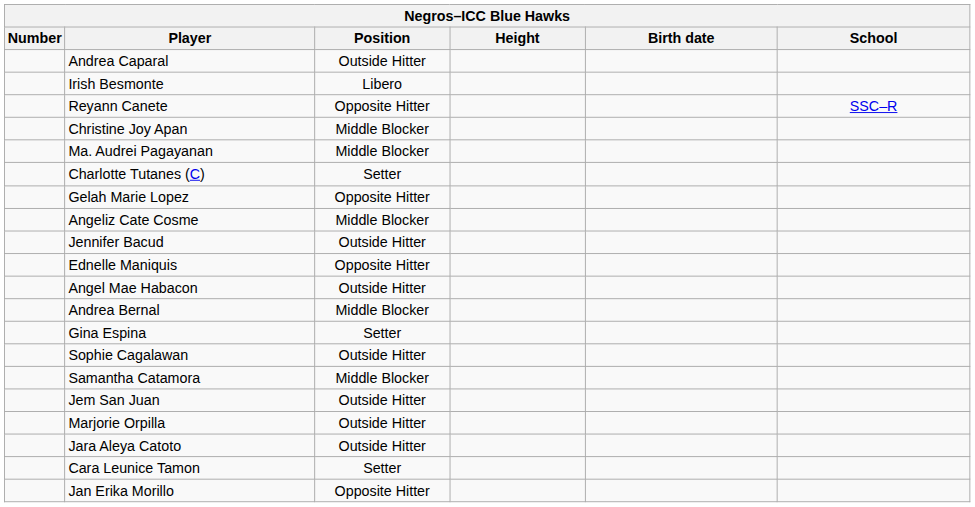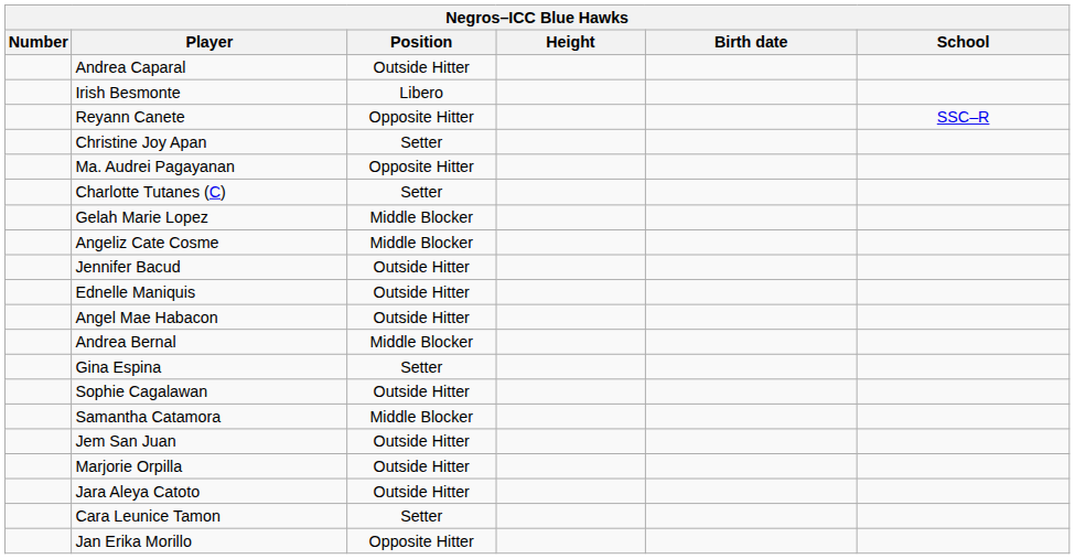 <table class="wikitable sortable" style="font-size:95%; text-align:left;">
 <tr>
 <th colspan="6"><strong>Negros–ICC Blue Hawks</strong></th>
 </tr>
 <tr style="background:#FFFFFF;">
 <th style= "align=center; width:1em;">Number</th>
 <th style= "align=center;width:17em;">Player</th>
 <th style= "align=center; width:9em;">Position</th>
 <th style= "align=center; width:9em;">Height</th>
 <th style= "align=center; width:13em;">Birth date</th>
 <th style= "align=center; width:13em;">School</th>
 </tr>
 <tr align=center>
 <td></td>
 <td align=left> Andrea Caparal</td>
 <td>Outside Hitter</td>
 <td></td>
 <td></td>
 <td></td>
 </tr>
 <tr align=center>
 <td></td>
 <td align=left> Irish Besmonte</td>
 <td>Libero</td>
 <td></td>
 <td></td>
 <td></td>
 </tr>
 <tr align=center>
 <td></td>
 <td align=left> Reyann Canete</td>
 <td>Opposite Hitter</td>
 <td></td>
 <td></td>
 <td><a href='#'>SSC–R</a></td>
 </tr>
 <tr align=center>
 <td></td>
 <td align=left> Christine Joy Apan</td>
-<td>Middle Blocker</td>
+<td>Setter</td>
 <td></td>
 <td></td>
 <td></td>
 </tr>
 <tr align=center>
 <td></td>
 <td align=left> Ma. Audrei Pagayanan</td>
-<td>Middle Blocker</td>
+<td>Opposite Hitter</td>
 <td></td>
 <td></td>
 <td></td>
 </tr>
 <tr align=center>
 <td></td>
 <td align=left> Charlotte Tutanes (<a href='#'>C</a>)</td>
 <td>Setter</td>
 <td></td>
 <td></td>
 <td></td>
 </tr>
 <tr align=center>
 <td></td>
 <td align=left> Gelah Marie Lopez</td>
-<td>Opposite Hitter</td>
+<td>Middle Blocker</td>
 <td></td>
 <td></td>
 <td></td>
 </tr>
 <tr align=center>
 <td></td>
 <td align=left> Angeliz Cate Cosme</td>
 <td>Middle Blocker</td>
 <td></td>
 <td></td>
 <td></td>
 </tr>
 <tr align=center>
 <td></td>
 <td align=left> Jennifer Bacud</td>
 <td>Outside Hitter</td>
 <td></td>
 <td></td>
 <td></td>
 </tr>
 <tr align=center>
 <td></td>
 <td align=left> Ednelle Maniquis</td>
-<td>Opposite Hitter</td>
+<td>Outside Hitter</td>
 <td></td>
 <td></td>
 <td></td>
 </tr>
 <tr align=center>
 <td></td>
 <td align=left> Angel Mae Habacon</td>
 <td>Outside Hitter</td>
 <td></td>
 <td></td>
 <td></td>
 </tr>
 <tr align=center>
 <td></td>
 <td align=left> Andrea Bernal</td>
 <td>Middle Blocker</td>
 <td></td>
 <td></td>
 <td></td>
 </tr>
 <tr align=center>
 <td></td>
 <td align=left> Gina Espina</td>
 <td>Setter</td>
 <td></td>
 <td></td>
 <td></td>
 </tr>
 <tr align=center>
 <td></td>
 <td align=left> Sophie Cagalawan</td>
 <td>Outside Hitter</td>
 <td></td>
 <td></td>
 <td></td>
 </tr>
 <tr align=center>
 <td></td>
 <td align=left> Samantha Catamora</td>
 <td>Middle Blocker</td>
 <td></td>
 <td></td>
 <td></td>
 </tr>
 <tr align=center>
 <td></td>
 <td align=left> Jem San Juan</td>
 <td>Outside Hitter</td>
 <td></td>
 <td></td>
 <td></td>
 </tr>
 <tr align=center>
 <td></td>
 <td align=left> Marjorie Orpilla</td>
 <td>Outside Hitter</td>
 <td></td>
 <td></td>
 <td></td>
 </tr>
 <tr align=center>
 <td></td>
 <td align=left> Jara Aleya Catoto</td>
 <td>Outside Hitter</td>
 <td></td>
 <td></td>
 <td></td>
 </tr>
 <tr align=center>
 <td></td>
 <td align=left> Cara Leunice Tamon</td>
 <td>Setter</td>
 <td></td>
 <td></td>
 <td></td>
 </tr>
 <tr align=center>
 <td></td>
 <td align=left> Jan Erika Morillo</td>
 <td>Opposite Hitter</td>
 <td></td>
 <td></td>
 <td></td>
 </tr>
 </table>
